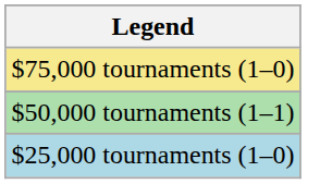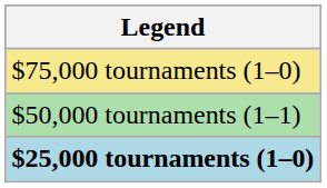 <table class="wikitable" style="font-size:85%">
 <tr>
 <th>Legend</th>
 </tr>
 <tr style="background:#f7e98e;">
 <td>$75,000 tournaments (1–0)</td>
 </tr>
 <tr style="background:#addfad;">
 <td>$50,000 tournaments (1–1)</td>
 </tr>
 <tr style="background:lightblue;">
-<td>$25,000 tournaments (1–0)</td>
+<td><strong>$25,000 tournaments (1–0)</strong></td>
 </tr>
 </table>
